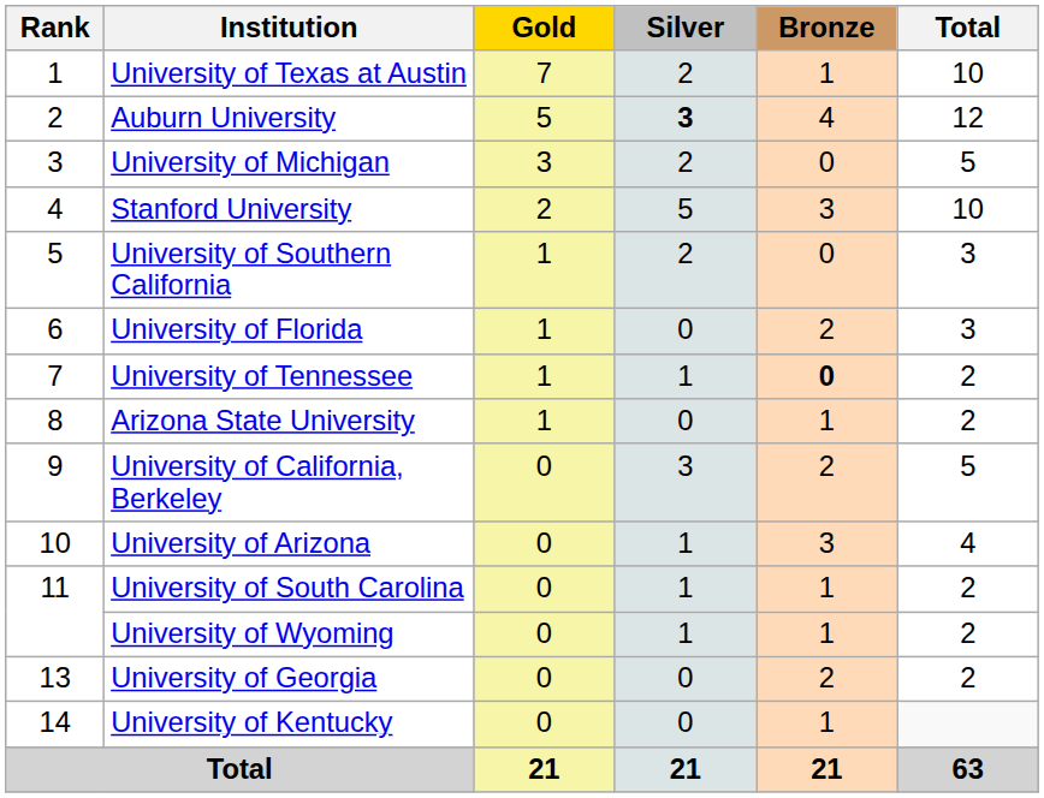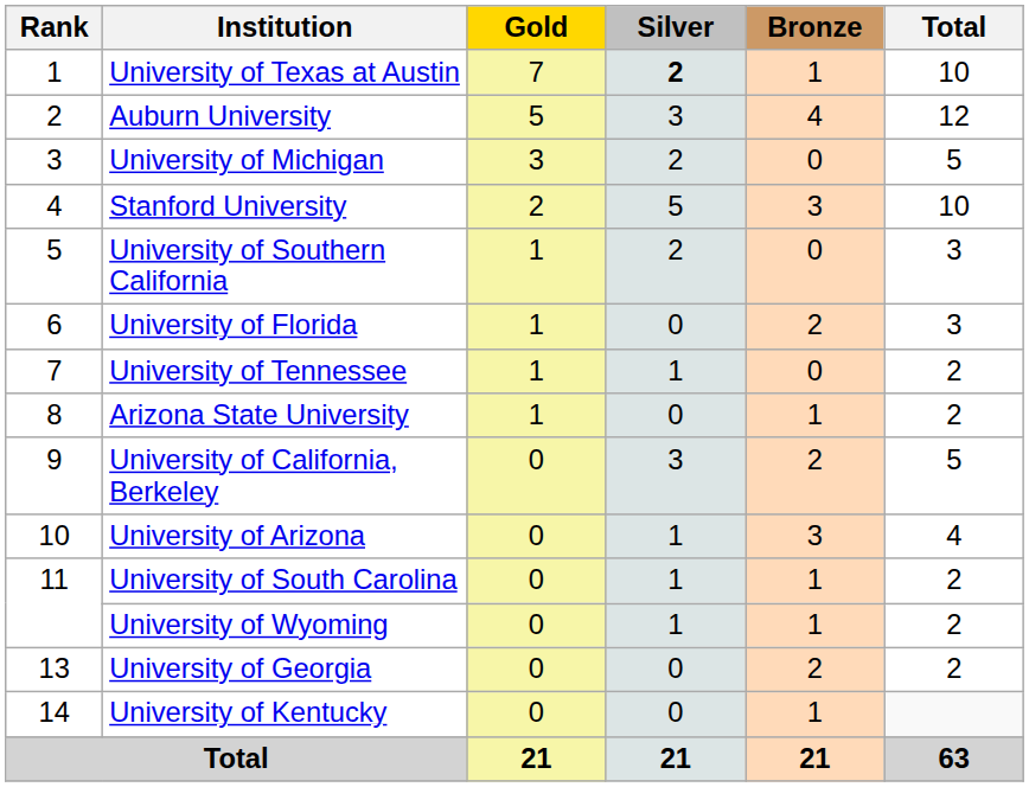 <table class="wikitable" style="text-align:center;">
 <tr>
 <th> Rank </th>
 <th width=200px>Institution</th>
 <td style="background:gold; width:4.5em; font-weight:bold;">Gold</td>
 <td style="background:silver; width:4.5em; font-weight:bold;">Silver</td>
 <td style="background:#cc9966; width:4.5em; font-weight:bold;">Bronze</td>
 <th style="width:4.5em;">Total</th>
 </tr>
 <tr align="center" valign="top" bgcolor="#FFFFFF">
 <td>1</td>
 <td align="left"><a href='#'>University of Texas at Austin</a></td>
 <td style="background:#F7F6A8;">7</td>
-<td style="background:#DCE5E5;">2</td>
+<td style="background:#DCE5E5;"><strong>2</strong></td>
 <td style="background:#FFDAB9;">1</td>
 <td>10</td>
 </tr>
 <tr align="center" valign="top" bgcolor="#FFFFFF">
 <td>2</td>
 <td align="left"><a href='#'>Auburn University</a></td>
 <td style="background:#F7F6A8;">5</td>
-<td style="background:#DCE5E5;"><strong>3</strong></td>
+<td style="background:#DCE5E5;">3</td>
 <td style="background:#FFDAB9;">4</td>
 <td>12</td>
 </tr>
 <tr align="center" valign="top" bgcolor="#FFFFFF">
 <td>3</td>
 <td align="left"><a href='#'>University of Michigan</a></td>
 <td style="background:#F7F6A8;">3</td>
 <td style="background:#DCE5E5;">2</td>
 <td style="background:#FFDAB9;">0</td>
 <td>5</td>
 </tr>
 <tr align="center" valign="top" bgcolor="#FFFFFF">
 <td>4</td>
 <td align="left"><a href='#'>Stanford University</a></td>
 <td style="background:#F7F6A8;">2</td>
 <td style="background:#DCE5E5;">5</td>
 <td style="background:#FFDAB9;">3</td>
 <td>10</td>
 </tr>
 <tr align="center" valign="top" bgcolor="#FFFFFF">
 <td>5</td>
 <td align="left"><a href='#'>University of Southern California</a></td>
 <td style="background:#F7F6A8;">1</td>
 <td style="background:#DCE5E5;">2</td>
 <td style="background:#FFDAB9;">0</td>
 <td>3</td>
 </tr>
 <tr align="center" valign="top" bgcolor="#FFFFFF">
 <td>6</td>
 <td align="left"><a href='#'>University of Florida</a></td>
 <td style="background:#F7F6A8;">1</td>
 <td style="background:#DCE5E5;">0</td>
 <td style="background:#FFDAB9;">2</td>
 <td>3</td>
 </tr>
 <tr align="center" valign="top" bgcolor="#FFFFFF">
 <td>7</td>
 <td align="left"><a href='#'>University of Tennessee</a></td>
 <td style="background:#F7F6A8;">1</td>
 <td style="background:#DCE5E5;">1</td>
-<td style="background:#FFDAB9;"><strong>0</strong></td>
+<td style="background:#FFDAB9;">0</td>
 <td>2</td>
 </tr>
 <tr align="center" valign="top" bgcolor="#FFFFFF">
 <td>8</td>
 <td align="left"><a href='#'>Arizona State University</a></td>
 <td style="background:#F7F6A8;">1</td>
 <td style="background:#DCE5E5;">0</td>
 <td style="background:#FFDAB9;">1</td>
 <td>2</td>
 </tr>
 <tr align="center" valign="top" bgcolor="#FFFFFF">
 <td>9</td>
 <td align="left"><a href='#'>University of California, Berkeley</a></td>
 <td style="background:#F7F6A8;">0</td>
 <td style="background:#DCE5E5;">3</td>
 <td style="background:#FFDAB9;">2</td>
 <td>5</td>
 </tr>
 <tr align="center" valign="top" bgcolor="#FFFFFF">
 <td>10</td>
 <td align="left"><a href='#'>University of Arizona</a></td>
 <td style="background:#F7F6A8;">0</td>
 <td style="background:#DCE5E5;">1</td>
 <td style="background:#FFDAB9;">3</td>
 <td>4</td>
 </tr>
 <tr align="center" valign="top" bgcolor="#FFFFFF">
 <td rowspan=2>11</td>
 <td align="left"><a href='#'>University of South Carolina</a></td>
 <td style="background:#F7F6A8;">0</td>
 <td style="background:#DCE5E5;">1</td>
 <td style="background:#FFDAB9;">1</td>
 <td>2</td>
 </tr>
 <tr align="center" valign="top" bgcolor="#FFFFFF">
 <td align="left"><a href='#'>University of Wyoming</a></td>
 <td style="background:#F7F6A8;">0</td>
 <td style="background:#DCE5E5;">1</td>
 <td style="background:#FFDAB9;">1</td>
 <td>2</td>
 </tr>
 <tr align="center" valign="top" bgcolor="#FFFFFF">
 <td>13</td>
 <td align="left"><a href='#'>University of Georgia</a></td>
 <td style="background:#F7F6A8;">0</td>
 <td style="background:#DCE5E5;">0</td>
 <td style="background:#FFDAB9;">2</td>
 <td>2</td>
 </tr>
 <tr align="center" valign="top" bgcolor="#FFFFFF">
 <td>14</td>
 <td align="left"><a href='#'>University of Kentucky</a></td>
 <td style="background:#F7F6A8;">0</td>
 <td style="background:#DCE5E5;">0</td>
 <td style="background:#FFDAB9;">1</td>
 </tr>
 <tr align="center">
 <td colspan="2" bgcolor=D3D3D3><strong>Total</strong></td>
 <td style="background:#F7F6A8;"><strong>21</strong></td>
 <td style="background:#DCE5E5;"><strong>21</strong></td>
 <td style="background:#FFDAB9;"><strong>21</strong></td>
 <td bgcolor=D3D3D3><strong>63</strong></td>
 </tr>
 </table>
